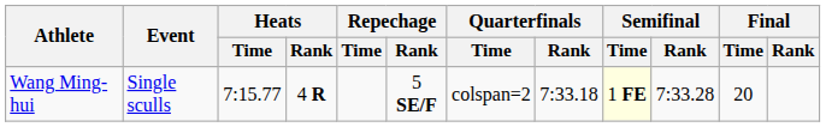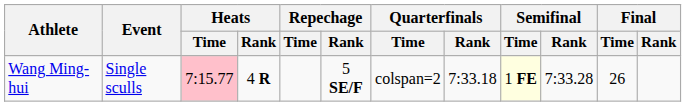 <table class="wikitable" style="font-size:90%">
 <tr>
 <th rowspan="2">Athlete</th>
 <th rowspan="2">Event</th>
 <th colspan="2">Heats</th>
 <th colspan="2">Repechage</th>
 <th colspan=2>Quarterfinals</th>
 <th colspan="2">Semifinal</th>
 <th colspan="2">Final</th>
 </tr>
 <tr style="font-size:95%">
 <th>Time</th>
 <th>Rank</th>
 <th>Time</th>
 <th>Rank</th>
 <th>Time</th>
 <th>Rank</th>
 <th>Time</th>
 <th>Rank</th>
 <th>Time</th>
 <th>Rank</th>
 </tr>
 <tr align=center>
 <td align=left><a href='#'>Wang Ming-hui</a></td>
 <td align=left><a href='#'>Single sculls</a></td>
-<td>7:15.77</td>
+<td style="background: pink;">7:15.77</td>
 <td>4 <strong>R</strong></td>
 <td></td>
 <td>5 <strong>SE/F</strong></td>
 <td>colspan=2 </td>
 <td>7:33.18</td>
 <td style="background: lightyellow;">1 <strong>FE</strong></td>
 <td>7:33.28</td>
-<td>20</td>
+<td>26</td>
 </tr>
 </table>
